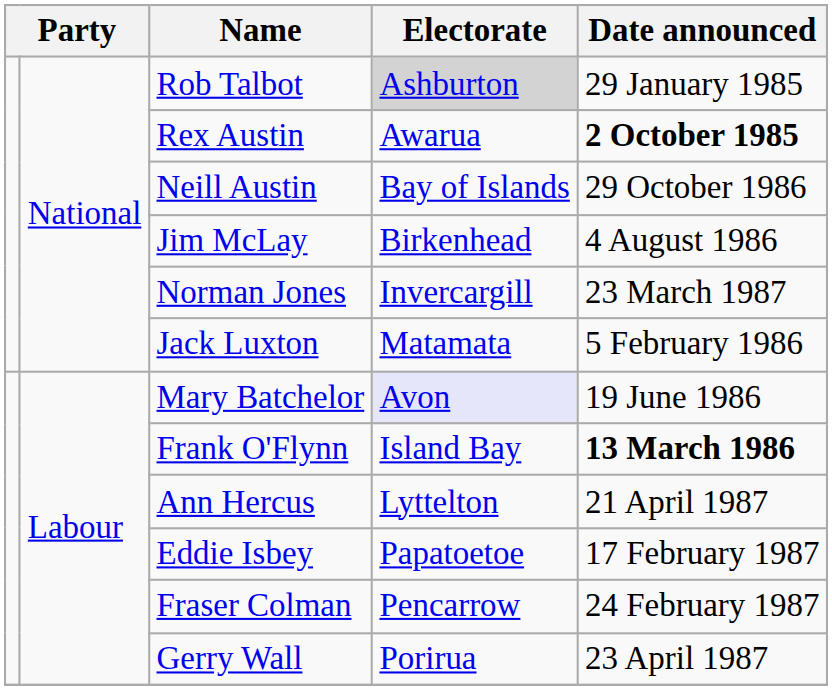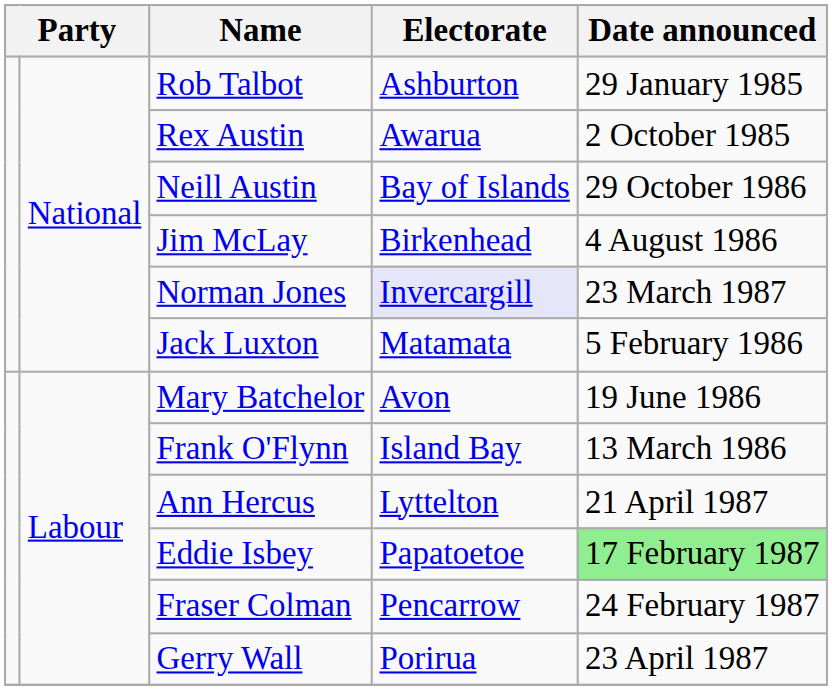 <table class="wikitable">
 <tr>
 <th colspan=2>Party</th>
 <th>Name</th>
 <th>Electorate</th>
 <th>Date announced</th>
 </tr>
 <tr>
 <td rowspan=6 style="background-color: "></td>
 <td rowspan=6><a href='#'>National</a></td>
 <td><a href='#'>Rob Talbot</a></td>
-<td style="background: lightgrey;"><a href='#'>Ashburton</a></td>
+<td><a href='#'>Ashburton</a></td>
 <td>29 January 1985</td>
 </tr>
 <tr>
 <td><a href='#'>Rex Austin</a></td>
 <td><a href='#'>Awarua</a></td>
-<td><strong>2 October 1985</strong></td>
+<td>2 October 1985</td>
 </tr>
 <tr>
 <td><a href='#'>Neill Austin</a></td>
 <td><a href='#'>Bay of Islands</a></td>
 <td>29 October 1986</td>
 </tr>
 <tr>
 <td><a href='#'>Jim McLay</a></td>
 <td><a href='#'>Birkenhead</a></td>
 <td>4 August 1986</td>
 </tr>
 <tr>
 <td><a href='#'>Norman Jones</a></td>
-<td><a href='#'>Invercargill</a></td>
+<td style="background: lavender;"><a href='#'>Invercargill</a></td>
 <td>23 March 1987</td>
 </tr>
 <tr>
 <td><a href='#'>Jack Luxton</a></td>
 <td><a href='#'>Matamata</a></td>
 <td>5 February 1986</td>
 </tr>
 <tr>
 <td rowspan=6 style="background-color: "></td>
 <td rowspan=6><a href='#'>Labour</a></td>
 <td><a href='#'>Mary Batchelor</a></td>
-<td style="background: lavender;"><a href='#'>Avon</a></td>
+<td><a href='#'>Avon</a></td>
 <td>19 June 1986</td>
 </tr>
 <tr>
 <td><a href='#'>Frank O'Flynn</a></td>
 <td><a href='#'>Island Bay</a></td>
-<td><strong>13 March 1986</strong></td>
+<td>13 March 1986</td>
 </tr>
 <tr>
 <td><a href='#'>Ann Hercus</a></td>
 <td><a href='#'>Lyttelton</a></td>
 <td>21 April 1987</td>
 </tr>
 <tr>
 <td><a href='#'>Eddie Isbey</a></td>
 <td><a href='#'>Papatoetoe</a></td>
-<td>17 February 1987</td>
+<td style="background: lightgreen;">17 February 1987</td>
 </tr>
 <tr>
 <td><a href='#'>Fraser Colman</a></td>
 <td><a href='#'>Pencarrow</a></td>
 <td>24 February 1987</td>
 </tr>
 <tr>
 <td><a href='#'>Gerry Wall</a></td>
 <td><a href='#'>Porirua</a></td>
 <td>23 April 1987</td>
 </tr>
 <tr>
 </tr>
 </table>
